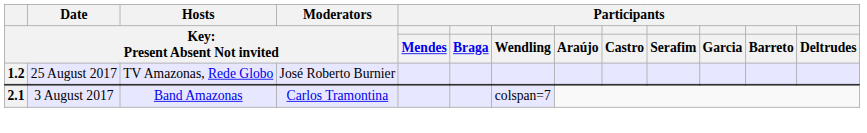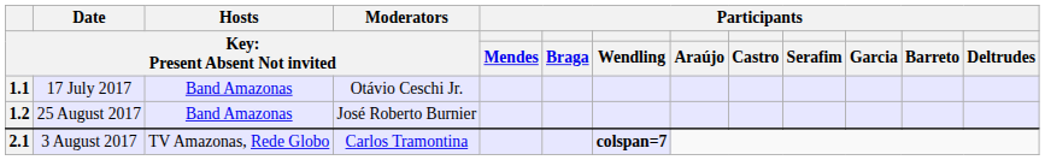 <table class=wikitable style=text-align:center>
 <tr>
 <th></th>
 <th>Date</th>
 <th>Hosts</th>
 <th>Moderators</th>
 <th colspan=9 scope=col>Participants</th>
 </tr>
 <tr>
 <th colspan=4 rowspan=2>Key:<br> Present  Absent  Not invited</th>
 <th scope=col style=background:><a href='#'></a></th>
 <th scope=col style=background:><a href='#'></a></th>
 <th scope=col style=background:><a href='#'></a></th>
 <th scope=col style=background:><a href='#'></a></th>
 <th scope=col style=background:><a href='#'></a></th>
 <th scope=col style=background:><a href='#'></a></th>
 <th scope=col style=background:><a href='#'></a></th>
 <th scope=col style=background:><a href='#'></a></th>
 <th scope=col style=background:><a href='#'></a></th>
 </tr>
 <tr>
 <th><a href='#'>Mendes</a></th>
 <th><a href='#'>Braga</a></th>
 <th>Wendling</th>
 <th>Araújo</th>
 <th>Castro</th>
 <th>Serafim</th>
 <th>Garcia</th>
 <th>Barreto</th>
 <th>Deltrudes</th>
 </tr>
 <tr style=background:#e7e7ff>
+<th scope=row style=text-align:center>1.1</th>
+<td style=max-width:12em>17 July 2017</td>
+<td style=max-width:12em><a href='#'>Band Amazonas</a></td>
+<td style=max-width:12em>Otávio Ceschi Jr.</td>
+<td></td>
+<td></td>
+<td></td>
+<td></td>
+<td></td>
+<td></td>
+<td></td>
+<td></td>
+<td></td>
+</tr>
+<tr style=background:#e7e7ff>
 <th scope=row style=text-align:center>1.2</th>
 <td style=max-width:12em>25 August 2017</td>
-<td style=max-width:12em>TV Amazonas, <a href='#'>Rede Globo</a></td>
+<td style=max-width:12em><a href='#'>Band Amazonas</a></td>
 <td style=max-width:12em>José Roberto Burnier</td>
 <td></td>
 <td></td>
 <td></td>
 <td></td>
 <td></td>
 <td></td>
 <td></td>
 <td></td>
 <td></td>
 </tr>
 <tr style="background:#e7e7ff; border-top: 2px solid #333333">
 <th scope=row style=text-align:center>2.1</th>
 <td style=max-width:12em>3 August 2017</td>
-<td style=max-width:12em><a href='#'>Band Amazonas</a></td>
+<td style=max-width:12em>TV Amazonas, <a href='#'>Rede Globo</a></td>
 <td style=max-width:12em><a href='#'>Carlos Tramontina</a></td>
 <td></td>
 <td></td>
-<td>colspan=7 </td>
+<td><strong>colspan=7 </strong></td>
 </tr>
 </table>
